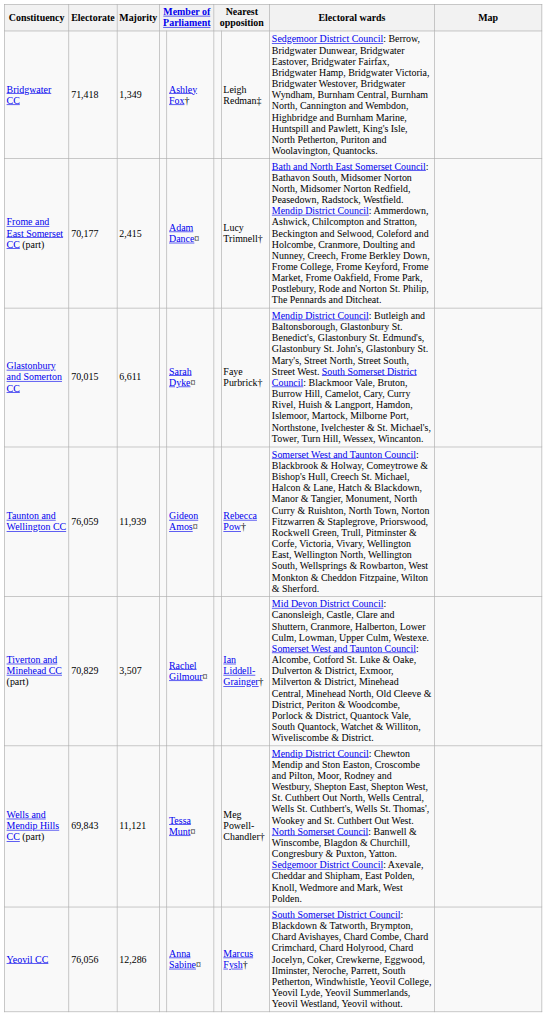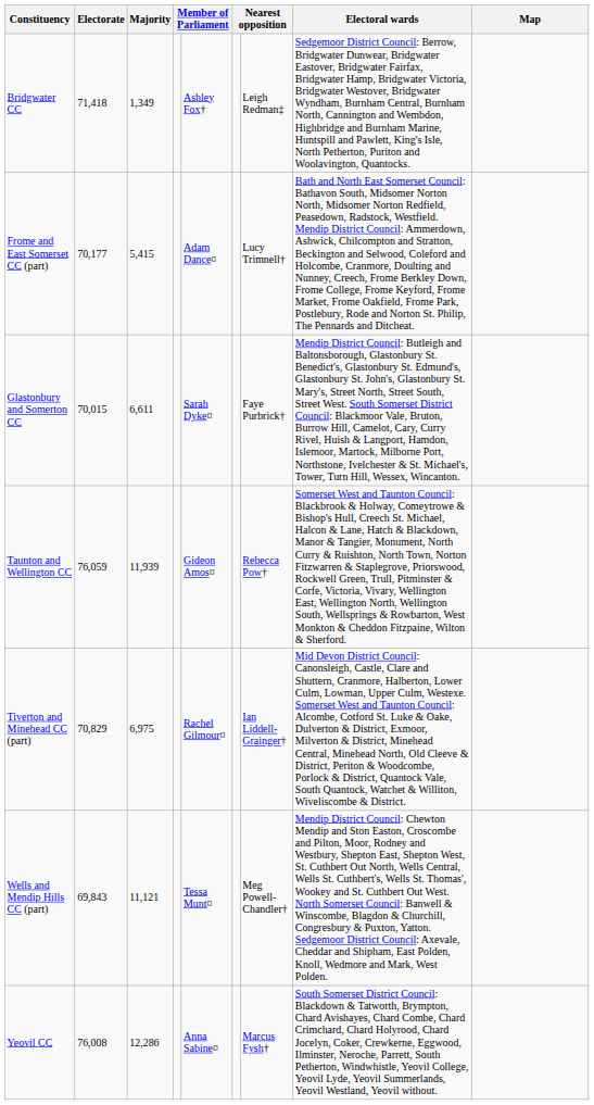 <table class="wikitable sortable">
 <tr>
 <th rowspan=1>Constituency</th>
 <th rowspan=1>Electorate</th>
 <th rowspan=1>Majority</th>
 <th colspan=2 class=unsortable><a href='#'>Member of Parliament</a></th>
 <th colspan=2 class=unsortable>Nearest opposition</th>
 <th rowspan=1 class=unsortable>Electoral wards</th>
 <th class="unsortable" rowspan="1" style="width:20%;">Map</th>
 </tr>
 <tr>
 <td><a href='#'>Bridgwater CC</a></td>
 <td>71,418</td>
 <td>1,349</td>
 <td style="color:inherit;background:"> </td>
 <td><a href='#'>Ashley Fox</a>†</td>
 <td style="color:inherit;background:"> </td>
 <td>Leigh Redman‡</td>
 <td><a href='#'>Sedgemoor District Council</a>: Berrow, Bridgwater Dunwear, Bridgwater Eastover, Bridgwater Fairfax, Bridgwater Hamp, Bridgwater Victoria, Bridgwater Westover, Bridgwater Wyndham, Burnham Central, Burnham North, Cannington and Wembdon, Highbridge and Burnham Marine, Huntspill and Pawlett, King's Isle, North Petherton, Puriton and Woolavington, Quantocks.</td>
 <td></td>
 </tr>
 <tr>
 <td><a href='#'>Frome and East Somerset CC</a> (part)</td>
 <td>70,177</td>
-<td>2,415</td>
+<td>5,415</td>
 <td style="color:inherit;background:"> </td>
 <td><a href='#'>Adam Dance</a>¤</td>
 <td style="color:inherit;background:"> </td>
 <td>Lucy Trimnell†</td>
 <td><a href='#'>Bath and North East Somerset Council</a>: Bathavon South, Midsomer Norton North, Midsomer Norton Redfield, Peasedown, Radstock, Westfield. <a href='#'>Mendip District Council</a>: Ammerdown, Ashwick, Chilcompton and Stratton, Beckington and Selwood, Coleford and Holcombe, Cranmore, Doulting and Nunney, Creech, Frome Berkley Down, Frome College, Frome Keyford, Frome Market, Frome Oakfield, Frome Park, Postlebury, Rode and Norton St. Philip, The Pennards and Ditcheat.</td>
 <td></td>
 </tr>
 <tr>
 <td><a href='#'>Glastonbury and Somerton CC</a></td>
 <td>70,015</td>
 <td>6,611</td>
 <td style="color:inherit;background:"> </td>
 <td><a href='#'>Sarah Dyke</a>¤</td>
 <td style="color:inherit;background:"> </td>
 <td>Faye Purbrick†</td>
 <td><a href='#'>Mendip District Council</a>: Butleigh and Baltonsborough, Glastonbury St. Benedict's, Glastonbury St. Edmund's, Glastonbury St. John's, Glastonbury St. Mary's, Street North, Street South, Street West. <a href='#'>South Somerset District Council</a>: Blackmoor Vale, Bruton, Burrow Hill, Camelot, Cary, Curry Rivel, Huish & Langport, Hamdon, Islemoor, Martock, Milborne Port, Northstone, Ivelchester & St. Michael's, Tower, Turn Hill, Wessex, Wincanton.</td>
 <td></td>
 </tr>
 <tr>
 <td><a href='#'>Taunton and Wellington CC</a></td>
 <td>76,059</td>
 <td>11,939</td>
 <td style="color:inherit;background:"> </td>
 <td><a href='#'>Gideon Amos</a>¤</td>
 <td style="color:inherit;background:"> </td>
 <td><a href='#'>Rebecca Pow</a>†</td>
 <td><a href='#'>Somerset West and Taunton Council</a>: Blackbrook & Holway, Comeytrowe & Bishop's Hull, Creech St. Michael, Halcon & Lane, Hatch & Blackdown, Manor & Tangier, Monument, North Curry & Ruishton, North Town, Norton Fitzwarren & Staplegrove, Priorswood, Rockwell Green, Trull, Pitminster & Corfe, Victoria, Vivary, Wellington East, Wellington North, Wellington South, Wellsprings & Rowbarton, West Monkton & Cheddon Fitzpaine, Wilton & Sherford.</td>
 <td></td>
 </tr>
 <tr>
 <td><a href='#'>Tiverton and Minehead CC</a> (part)</td>
 <td>70,829</td>
-<td>3,507</td>
+<td>6,975</td>
 <td style="color:inherit;background:"> </td>
 <td><a href='#'>Rachel Gilmour</a>¤</td>
 <td style="color:inherit;background:"> </td>
 <td><a href='#'>Ian Liddell-Grainger</a>†</td>
 <td><a href='#'>Mid Devon District Council</a>: Canonsleigh, Castle, Clare and Shuttern, Cranmore, Halberton, Lower Culm, Lowman, Upper Culm, Westexe. <a href='#'>Somerset West and Taunton Council</a>: Alcombe, Cotford St. Luke & Oake, Dulverton & District, Exmoor, Milverton & District, Minehead Central, Minehead North, Old Cleeve & District, Periton & Woodcombe, Porlock & District, Quantock Vale, South Quantock, Watchet & Williton, Wiveliscombe & District.</td>
 <td></td>
 </tr>
 <tr>
 <td><a href='#'>Wells and Mendip Hills CC</a> (part)</td>
 <td>69,843</td>
 <td>11,121</td>
 <td style="color:inherit;background:"> </td>
 <td><a href='#'>Tessa Munt</a>¤</td>
 <td style="color:inherit;background:"> </td>
 <td>Meg Powell-Chandler†</td>
 <td><a href='#'>Mendip District Council</a>: Chewton Mendip and Ston Easton, Croscombe and Pilton, Moor, Rodney and Westbury, Shepton East, Shepton West, St. Cuthbert Out North, Wells Central, Wells St. Cuthbert's, Wells St. Thomas', Wookey and St. Cuthbert Out West. <a href='#'>North Somerset Council</a>: Banwell & Winscombe, Blagdon & Churchill, Congresbury & Puxton, Yatton. <a href='#'>Sedgemoor District Council</a>: Axevale, Cheddar and Shipham, East Polden, Knoll, Wedmore and Mark, West Polden.</td>
 <td></td>
 </tr>
 <tr>
 <td><a href='#'>Yeovil CC</a></td>
-<td>76,056</td>
+<td>76,008</td>
 <td>12,286</td>
 <td style="color:inherit;background:"> </td>
 <td><a href='#'>Anna Sabine</a>¤</td>
 <td style="color:inherit;background:"> </td>
 <td><a href='#'>Marcus Fysh</a>†</td>
 <td><a href='#'>South Somerset District Council</a>: Blackdown & Tatworth, Brympton, Chard Avishayes, Chard Combe, Chard Crimchard, Chard Holyrood, Chard Jocelyn, Coker, Crewkerne, Eggwood, Ilminster, Neroche, Parrett, South Petherton, Windwhistle, Yeovil College, Yeovil Lyde, Yeovil Summerlands, Yeovil Westland, Yeovil without.</td>
 <td></td>
 </tr>
 </table>
